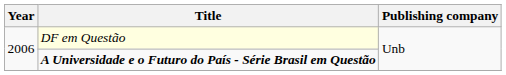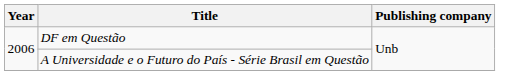 <table class="wikitable" style="font-size: 90%;">
 <tr>
 <th>Year</th>
 <th>Title</th>
 <th>Publishing company</th>
 </tr>
 <tr>
 <td rowspan=2>2006</td>
-<td style="background: lightyellow;"><em>DF em Questão</em></td>
+<td><em>DF em Questão</em></td>
 <td rowspan=2>Unb</td>
 </tr>
 <tr>
-<td><strong><em>A Universidade e o Futuro do País - Série Brasil em Questão</em></strong></td>
+<td><em>A Universidade e o Futuro do País - Série Brasil em Questão</em></td>
 </tr>
 <tr>
 </tr>
 </table>
